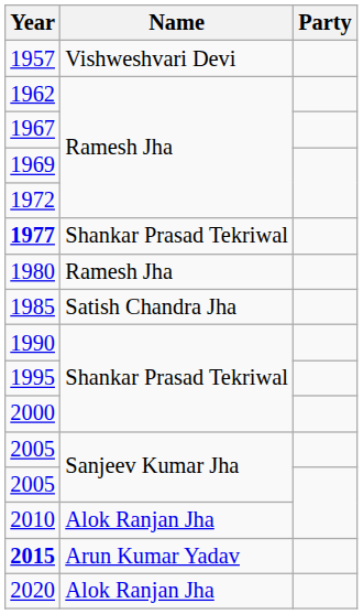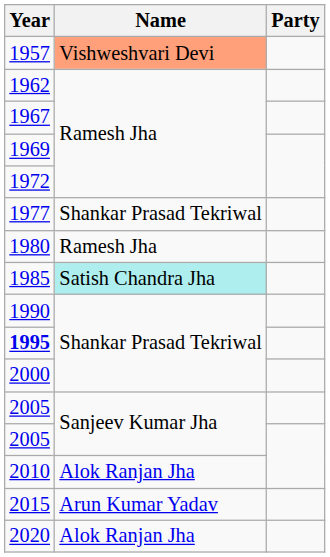 <table class="wikitable sortable">
 <tr>
 <th>Year</th>
 <th>Name</th>
 <th colspan="2">Party</th>
 </tr>
 <tr>
 <td><a href='#'>1957</a></td>
-<td>Vishweshvari Devi</td>
+<td style="background: lightsalmon;">Vishweshvari Devi</td>
 <td></td>
 </tr>
 <tr>
 <td><a href='#'>1962</a></td>
 <td rowspan="4">Ramesh Jha</td>
 <td></td>
 </tr>
 <tr>
 <td><a href='#'>1967</a></td>
 <td></td>
 </tr>
 <tr>
 <td><a href='#'>1969</a></td>
 </tr>
 <tr>
 <td><a href='#'>1972</a></td>
 </tr>
 <tr>
-<td><strong><a href='#'>1977</a></strong></td>
+<td><a href='#'>1977</a></td>
 <td>Shankar Prasad Tekriwal</td>
 <td></td>
 </tr>
 <tr>
 <td><a href='#'>1980</a></td>
 <td>Ramesh Jha</td>
 <td></td>
 </tr>
 <tr>
 <td><a href='#'>1985</a></td>
-<td>Satish Chandra Jha</td>
+<td style="background: paleturquoise;">Satish Chandra Jha</td>
 </tr>
 <tr>
 <td><a href='#'>1990</a></td>
 <td rowspan="3">Shankar Prasad Tekriwal</td>
 <td></td>
 </tr>
 <tr>
-<td><a href='#'>1995</a></td>
+<td><strong><a href='#'>1995</a></strong></td>
 </tr>
 <tr>
 <td><a href='#'>2000</a></td>
 <td></td>
 </tr>
 <tr>
 <td><a href='#'>2005</a></td>
 <td rowspan="2">Sanjeev Kumar Jha</td>
 <td></td>
 </tr>
 <tr>
 <td><a href='#'>2005</a></td>
 </tr>
 <tr>
 <td><a href='#'>2010</a></td>
 <td><a href='#'>Alok Ranjan Jha</a></td>
 </tr>
 <tr>
-<td><strong><a href='#'>2015</a></strong></td>
+<td><a href='#'>2015</a></td>
 <td><a href='#'>Arun Kumar Yadav</a></td>
 <td></td>
 </tr>
 <tr>
 <td><a href='#'>2020</a></td>
 <td><a href='#'>Alok Ranjan Jha</a></td>
 <td></td>
 </tr>
 </table>
